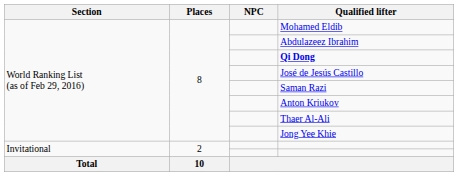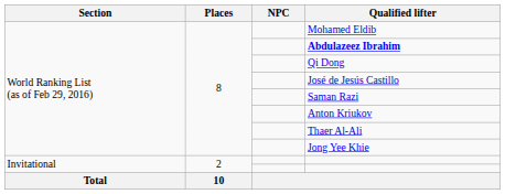 <table class="wikitable"  width=750>
 <tr>
 <th>Section</th>
 <th>Places</th>
 <th>NPC</th>
 <th>Qualified lifter</th>
 </tr>
 <tr>
 <td rowspan=8>World Ranking List<br>(as of Feb 29, 2016)</td>
 <td rowspan=8 align=center>8</td>
 <td></td>
 <td><a href='#'>Mohamed Eldib</a></td>
 </tr>
 <tr>
 <td></td>
-<td><a href='#'>Abdulazeez Ibrahim</a></td>
+<td><strong><a href='#'>Abdulazeez Ibrahim</a></strong></td>
 </tr>
 <tr>
 <td></td>
-<td><strong><a href='#'>Qi Dong</a></strong></td>
+<td><a href='#'>Qi Dong</a></td>
 </tr>
 <tr>
 <td></td>
 <td><a href='#'>José de Jesús Castillo</a></td>
 </tr>
 <tr>
 <td></td>
 <td><a href='#'>Saman Razi</a></td>
 </tr>
 <tr>
 <td></td>
 <td><a href='#'>Anton Kriukov</a></td>
 </tr>
 <tr>
 <td></td>
 <td><a href='#'>Thaer Al-Ali</a></td>
 </tr>
 <tr>
 <td></td>
 <td><a href='#'>Jong Yee Khie</a></td>
 </tr>
 <tr>
 <td rowspan=2>Invitational</td>
 <td rowspan="2" align=center>2</td>
 <td></td>
 <td></td>
 </tr>
 <tr>
 <td></td>
 <td></td>
 </tr>
 <tr>
 <th>Total</th>
 <th>10</th>
 <th colspan=2></th>
 </tr>
 </table>
